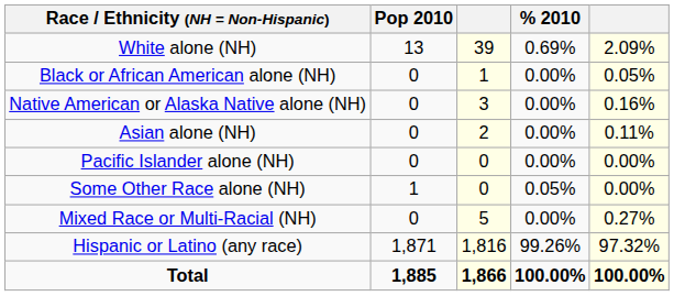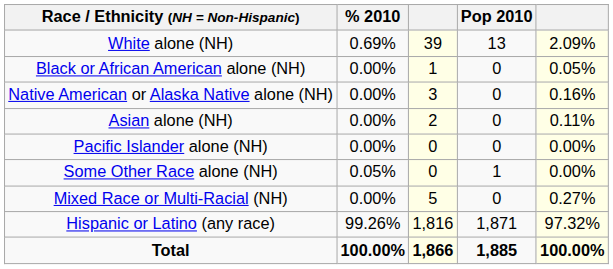 <table class="wikitable" style="text-align:center;">
 <tr>
 <th>Race / Ethnicity <small>(<em>NH = Non-Hispanic</em>)</small></th>
+<th>% 2010</th>
+<th></th>
 <th>Pop 2010</th>
-<th></th>
-<th>% 2010</th>
 <th></th>
 </tr>
 <tr>
 <td><a href='#'>White</a> alone (NH)</td>
+<td>0.69%</td>
+<td style='background: #ffffe6;'>39</td>
 <td>13</td>
-<td style='background: #ffffe6;'>39</td>
-<td>0.69%</td>
 <td style='background: #ffffe6;'>2.09%</td>
 </tr>
 <tr>
 <td><a href='#'>Black or African American</a> alone (NH)</td>
+<td>0.00%</td>
+<td style='background: #ffffe6;'>1</td>
 <td>0</td>
-<td style='background: #ffffe6;'>1</td>
-<td>0.00%</td>
 <td style='background: #ffffe6;'>0.05%</td>
 </tr>
 <tr>
 <td><a href='#'>Native American</a> or <a href='#'>Alaska Native</a> alone (NH)</td>
+<td>0.00%</td>
+<td style='background: #ffffe6;'>3</td>
 <td>0</td>
-<td style='background: #ffffe6;'>3</td>
-<td>0.00%</td>
 <td style='background: #ffffe6;'>0.16%</td>
 </tr>
 <tr>
 <td><a href='#'>Asian</a> alone (NH)</td>
+<td>0.00%</td>
+<td style='background: #ffffe6;'>2</td>
 <td>0</td>
-<td style='background: #ffffe6;'>2</td>
-<td>0.00%</td>
 <td style='background: #ffffe6;'>0.11%</td>
 </tr>
 <tr>
 <td><a href='#'>Pacific Islander</a> alone (NH)</td>
+<td>0.00%</td>
+<td style='background: #ffffe6;'>0</td>
 <td>0</td>
-<td style='background: #ffffe6;'>0</td>
-<td>0.00%</td>
 <td style='background: #ffffe6;'>0.00%</td>
 </tr>
 <tr>
 <td><a href='#'>Some Other Race</a> alone (NH)</td>
+<td>0.05%</td>
+<td style='background: #ffffe6;'>0</td>
 <td>1</td>
-<td style='background: #ffffe6;'>0</td>
-<td>0.05%</td>
 <td style='background: #ffffe6;'>0.00%</td>
 </tr>
 <tr>
 <td><a href='#'>Mixed Race or Multi-Racial</a> (NH)</td>
+<td>0.00%</td>
+<td style='background: #ffffe6;'>5</td>
 <td>0</td>
-<td style='background: #ffffe6;'>5</td>
-<td>0.00%</td>
 <td style='background: #ffffe6;'>0.27%</td>
 </tr>
 <tr>
 <td><a href='#'>Hispanic or Latino</a> (any race)</td>
+<td>99.26%</td>
+<td style='background: #ffffe6;'>1,816</td>
 <td>1,871</td>
-<td style='background: #ffffe6;'>1,816</td>
-<td>99.26%</td>
 <td style='background: #ffffe6;'>97.32%</td>
 </tr>
 <tr>
 <td><strong>Total</strong></td>
+<td><strong>100.00%</strong></td>
+<td style='background: #ffffe6;'><strong>1,866</strong></td>
 <td><strong>1,885</strong></td>
-<td style='background: #ffffe6;'><strong>1,866</strong></td>
-<td><strong>100.00%</strong></td>
 <td style='background: #ffffe6;'><strong>100.00%</strong></td>
 </tr>
 </table>
